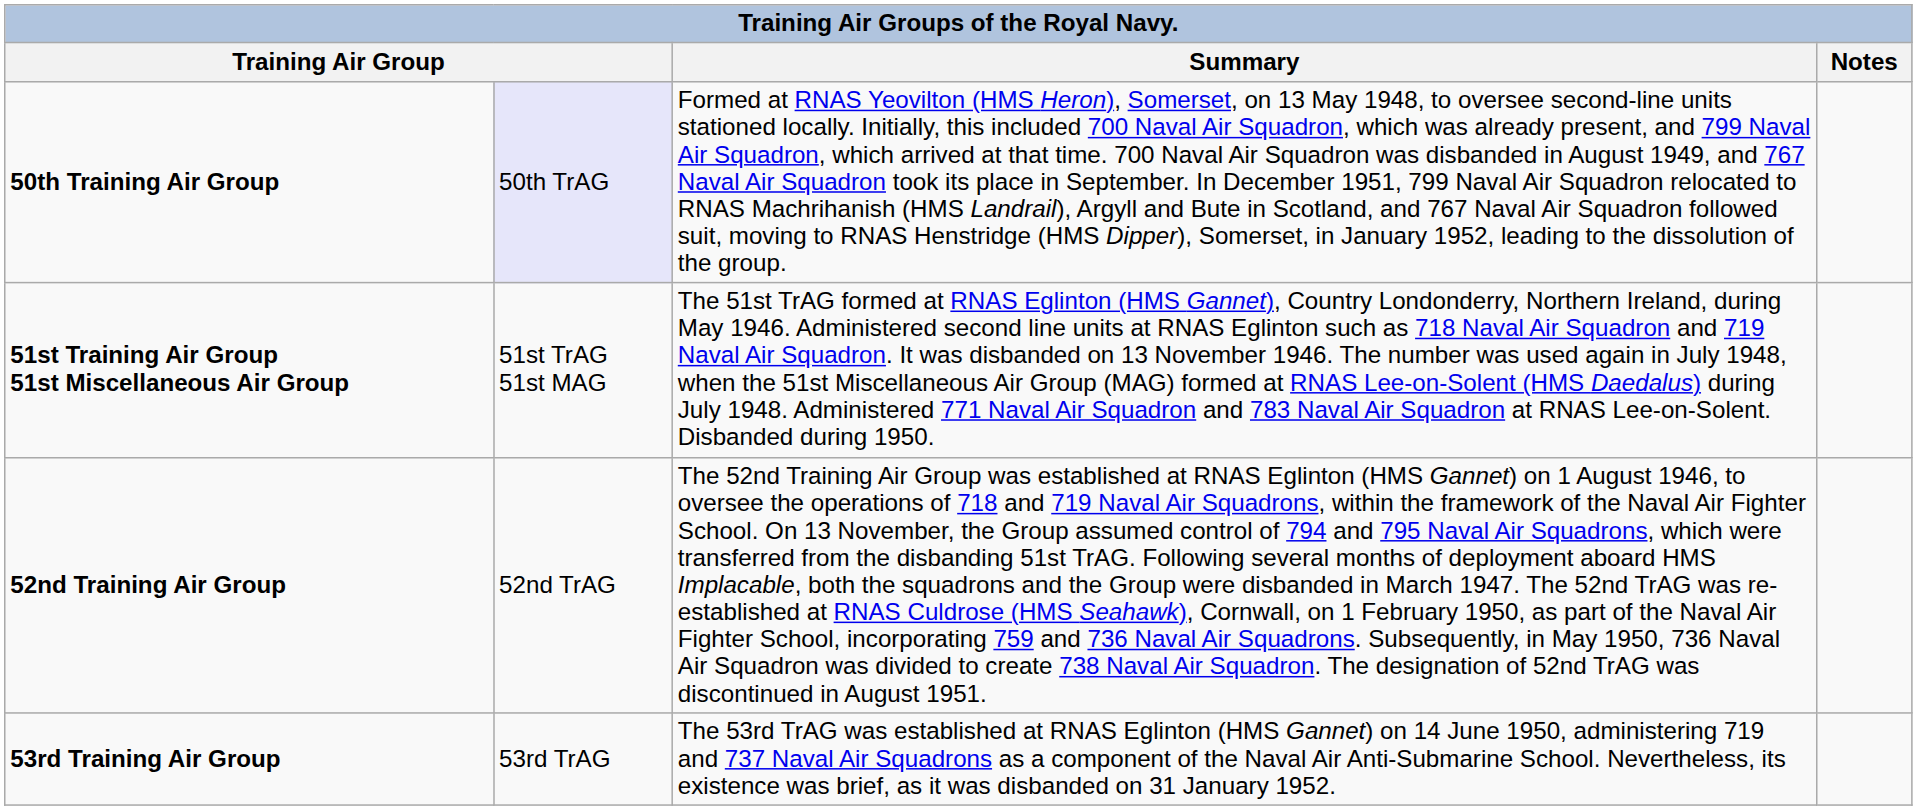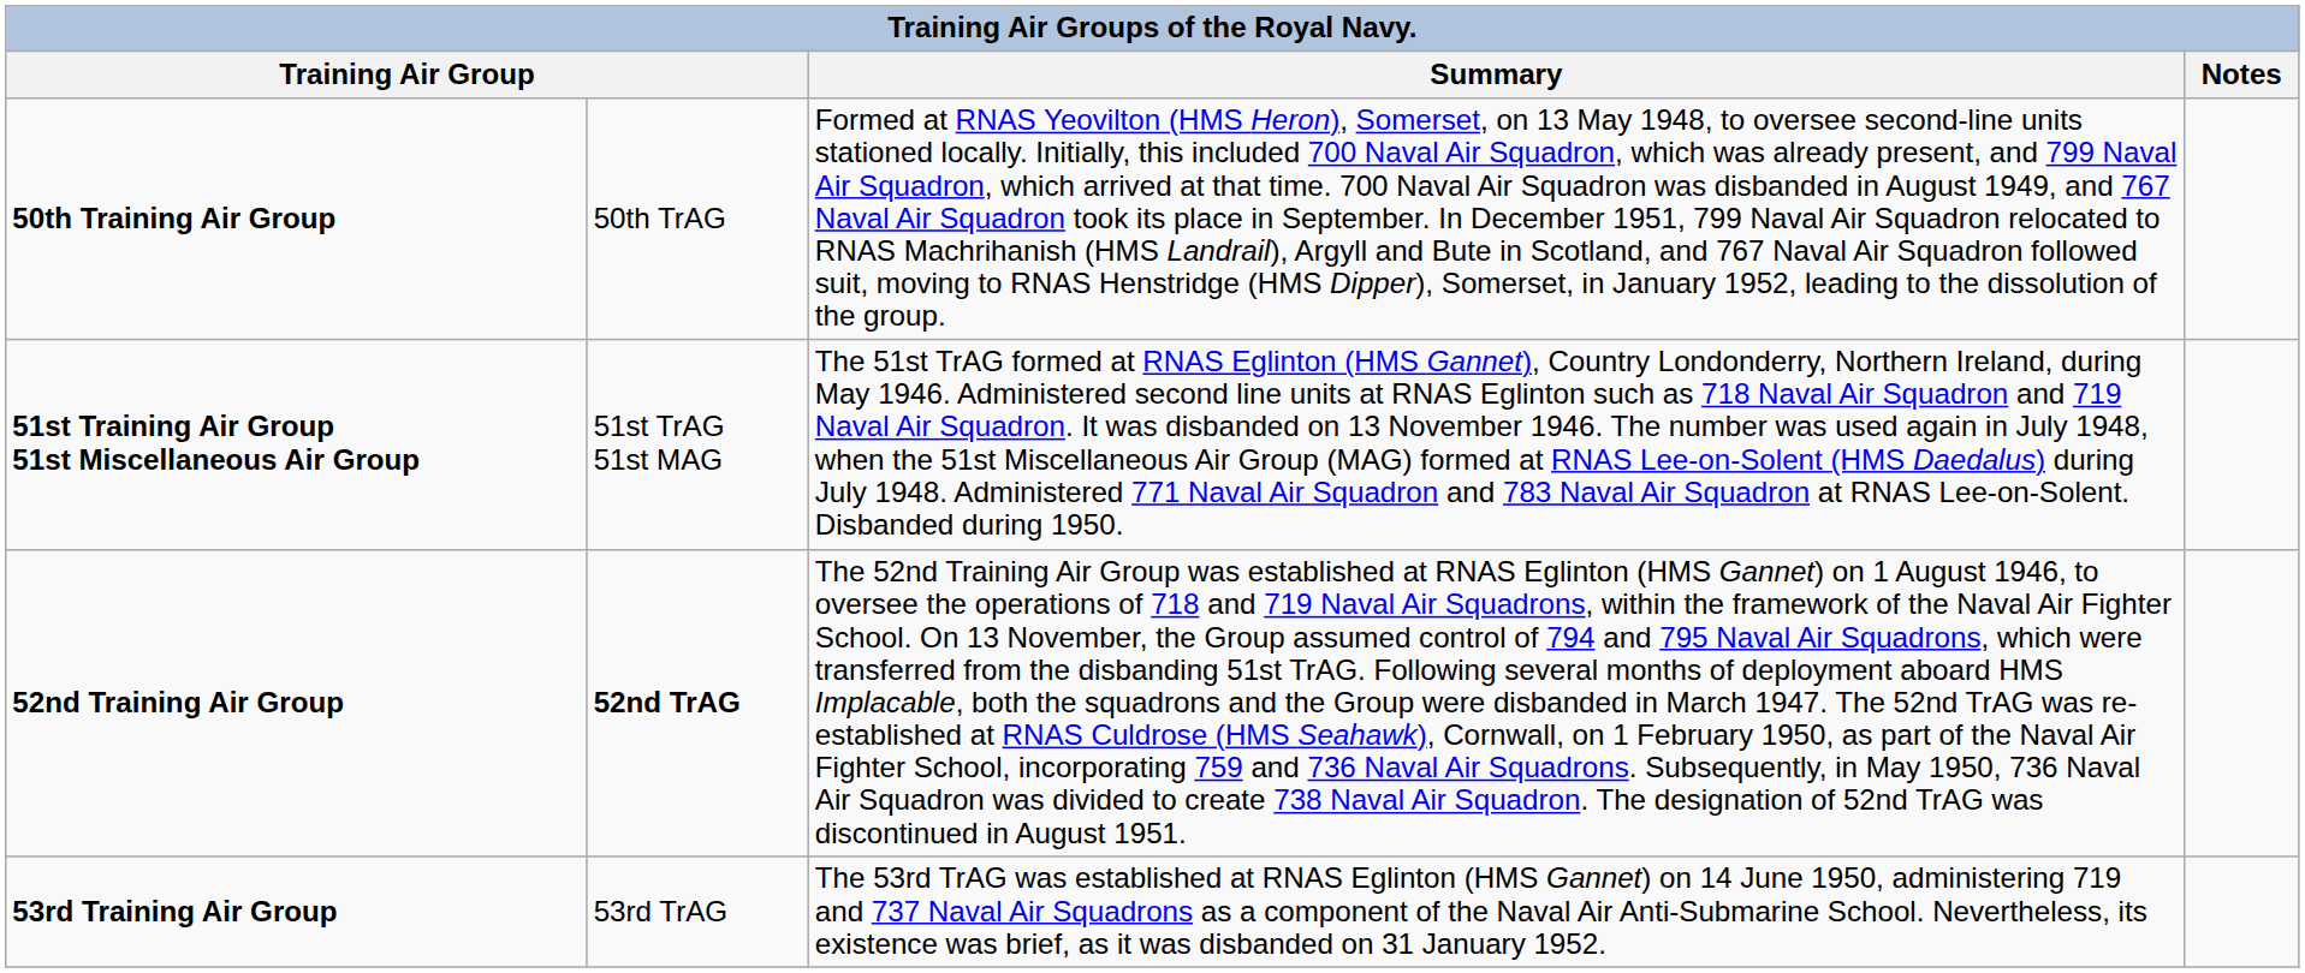 <table class="wikitable" style="margin:auto; width:100%;">
 <tr>
 <th style="align: center; background:#B0C4DE;" colspan=5>Training Air Groups of the Royal Navy.</th>
 </tr>
 <tr>
 <th style="text-align:center; width:35%;" colspan=2>Training Air Group</th>
 <th style="text-align:center; width:60%;">Summary</th>
 <th style="text-align:center; width:5%;">Notes</th>
 </tr>
 <tr>
 <td style="text-align:centre;"><strong>50th Training Air Group</strong></td>
-<td style="background: lavender;">50th TrAG</td>
+<td>50th TrAG</td>
 <td align=left>Formed at <a href='#'>RNAS Yeovilton (HMS <em>Heron</em>)</a>, <a href='#'>Somerset</a>, on 13 May 1948, to oversee second-line units stationed locally. Initially, this included <a href='#'>700 Naval Air Squadron</a>, which was already present, and <a href='#'>799 Naval Air Squadron</a>, which arrived at that time. 700 Naval Air Squadron was disbanded in August 1949, and <a href='#'>767 Naval Air Squadron</a> took its place in September. In December 1951, 799 Naval Air Squadron relocated to RNAS Machrihanish (HMS <em>Landrail</em>), Argyll and Bute in Scotland, and 767 Naval Air Squadron followed suit, moving to RNAS Henstridge (HMS <em>Dipper</em>), Somerset, in January 1952, leading to the dissolution of the group.</td>
 <td></td>
 </tr>
 <tr>
 <td style="text-align:centre;"><strong>51st Training Air Group</strong><br> <strong>51st Miscellaneous Air Group</strong></td>
 <td>51st TrAG<br>51st MAG</td>
 <td align=left>The 51st TrAG formed at <a href='#'>RNAS Eglinton (HMS <em>Gannet</em>)</a>, Country Londonderry, Northern Ireland, during May 1946. Administered second line units at RNAS Eglinton such as <a href='#'>718 Naval Air Squadron</a> and <a href='#'>719 Naval Air Squadron</a>. It was disbanded on 13 November 1946. The number was used again in July 1948, when the 51st Miscellaneous Air Group (MAG) formed at <a href='#'>RNAS Lee-on-Solent (HMS <em>Daedalus</em>)</a> during July 1948. Administered <a href='#'>771 Naval Air Squadron</a> and <a href='#'>783 Naval Air Squadron</a> at RNAS Lee-on-Solent. Disbanded during 1950.</td>
 <td></td>
 </tr>
 <tr>
 <td style="text-align:centre;"><strong>52nd Training Air Group</strong></td>
-<td>52nd TrAG</td>
+<td><strong>52nd TrAG</strong></td>
 <td align=left>The 52nd Training Air Group was established at RNAS Eglinton (HMS <em>Gannet</em>) on 1 August 1946, to oversee the operations of <a href='#'>718</a> and <a href='#'>719 Naval Air Squadrons</a>, within the framework of the Naval Air Fighter School. On 13 November, the Group assumed control of <a href='#'>794</a> and <a href='#'>795 Naval Air Squadrons</a>, which were transferred from the disbanding 51st TrAG. Following several months of deployment aboard HMS <em>Implacable</em>, both the squadrons and the Group were disbanded in March 1947. The 52nd TrAG was re-established at <a href='#'>RNAS Culdrose (HMS <em>Seahawk</em>)</a>, Cornwall, on 1 February 1950, as part of the Naval Air Fighter School, incorporating <a href='#'>759</a> and <a href='#'>736 Naval Air Squadrons</a>. Subsequently, in May 1950, 736 Naval Air Squadron was divided to create <a href='#'>738 Naval Air Squadron</a>. The designation of 52nd TrAG was discontinued in August 1951.</td>
 <td></td>
 </tr>
 <tr>
 <td style="text-align:centre;"><strong>53rd Training Air Group</strong></td>
 <td>53rd TrAG</td>
 <td align=left>The 53rd TrAG was established at RNAS Eglinton (HMS <em>Gannet</em>) on 14 June 1950, administering 719 and <a href='#'>737 Naval Air Squadrons</a> as a component of the Naval Air Anti-Submarine School. Nevertheless, its existence was brief, as it was disbanded on 31 January 1952.</td>
 <td></td>
 </tr>
 </table>
